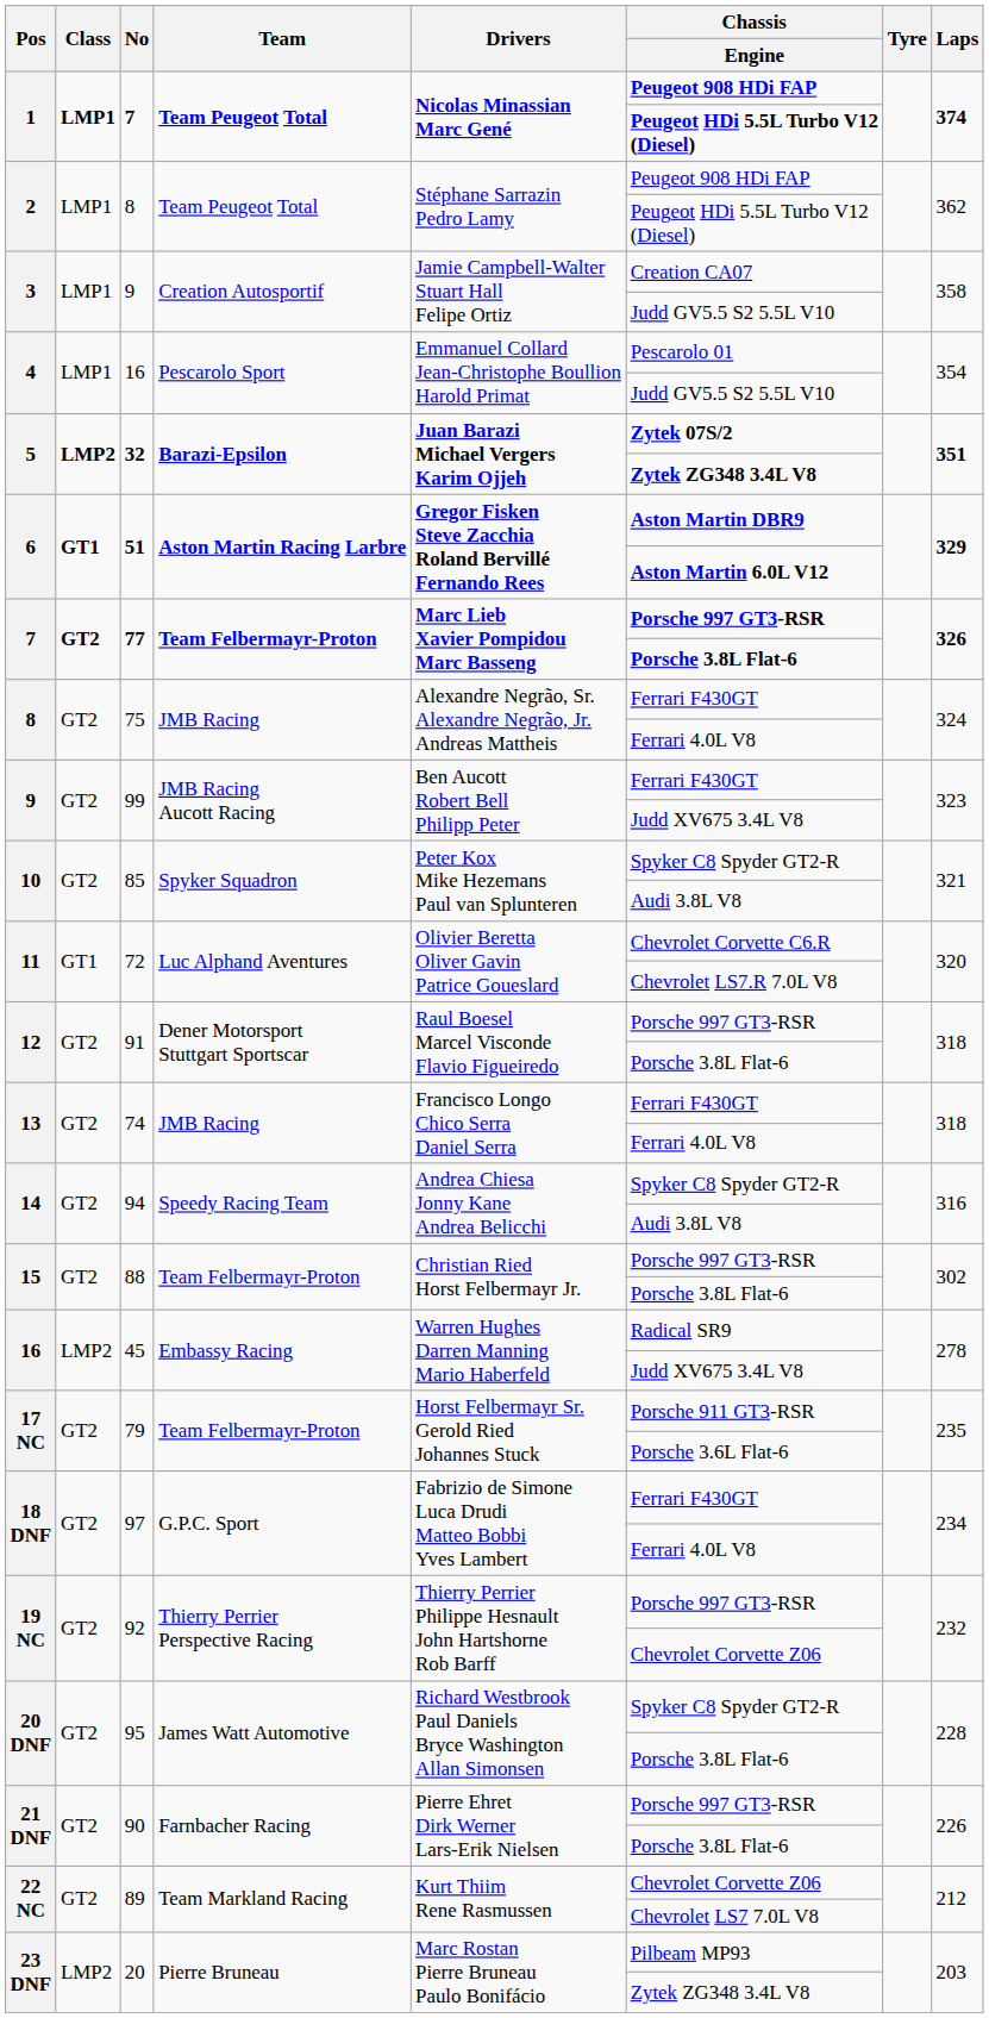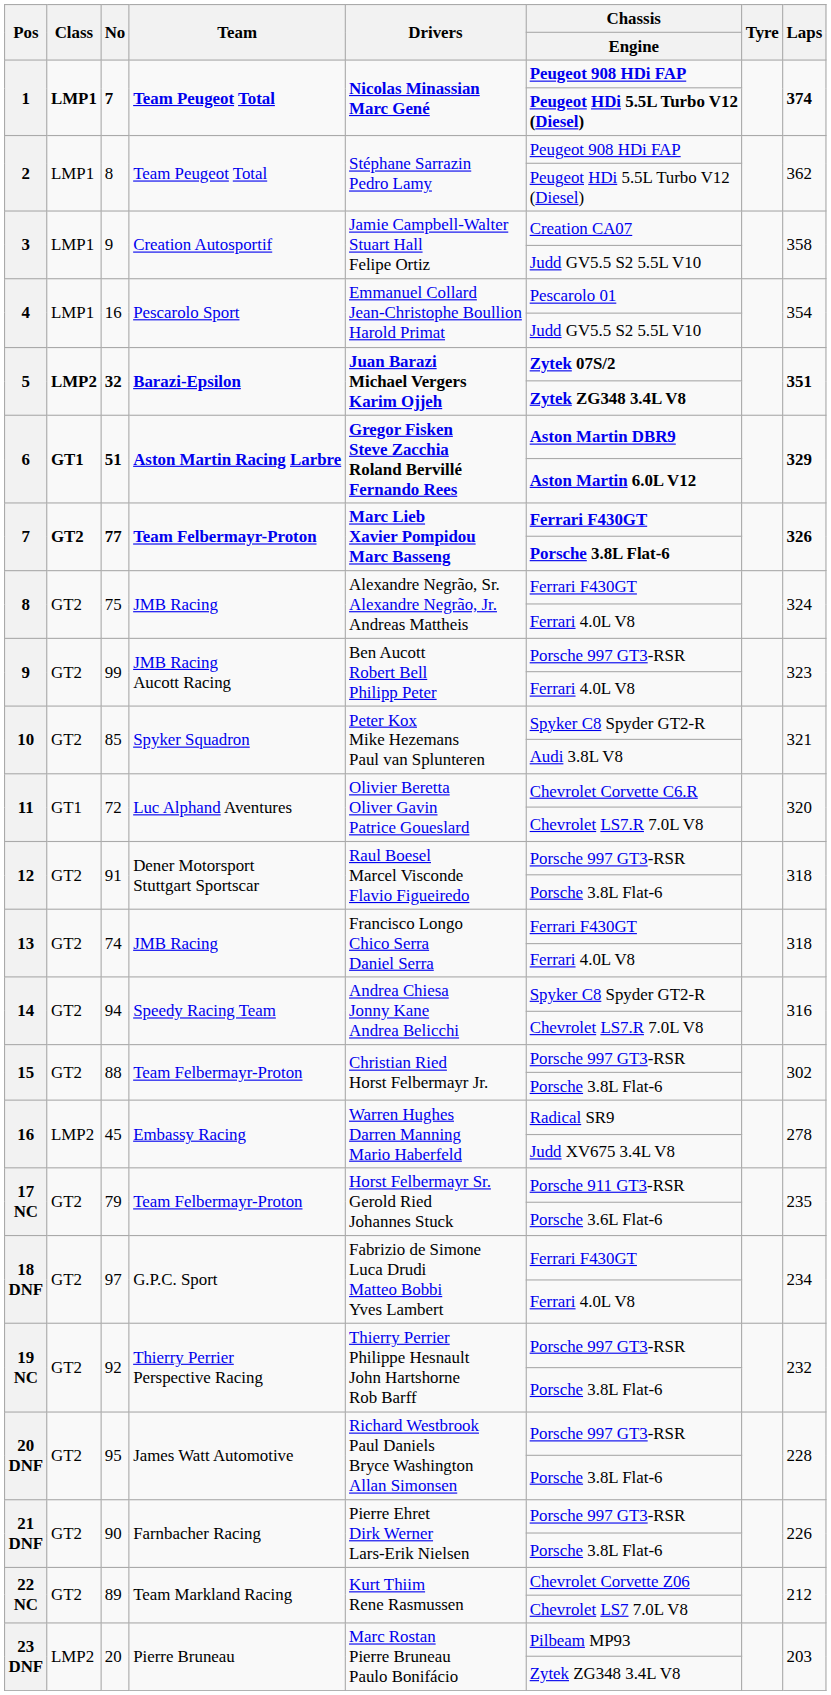 <table class="wikitable" style="font-size: 95%;">
 <tr>
 <th rowspan=2>Pos</th>
 <th rowspan=2>Class</th>
 <th rowspan=2>No</th>
 <th rowspan=2>Team</th>
 <th rowspan=2>Drivers</th>
 <th>Chassis</th>
 <th rowspan=2>Tyre</th>
 <th rowspan=2>Laps</th>
 </tr>
 <tr>
 <th>Engine</th>
 </tr>
 <tr style="font-weight:bold">
 <th rowspan=2>1</th>
 <td rowspan=2>LMP1</td>
 <td rowspan=2>7</td>
 <td rowspan=2> <a href='#'>Team Peugeot</a> <a href='#'>Total</a></td>
 <td rowspan=2> <a href='#'>Nicolas Minassian</a><br> <a href='#'>Marc Gené</a></td>
 <td><a href='#'>Peugeot 908 HDi FAP</a></td>
 <td rowspan=2></td>
 <td rowspan=2>374</td>
 </tr>
 <tr style="font-weight:bold">
 <td><a href='#'>Peugeot</a> <a href='#'>HDi</a> 5.5L Turbo V12<br>(<a href='#'>Diesel</a>)</td>
 </tr>
 <tr>
 <th rowspan=2>2</th>
 <td rowspan=2>LMP1</td>
 <td rowspan=2>8</td>
 <td rowspan=2> <a href='#'>Team Peugeot</a> <a href='#'>Total</a></td>
 <td rowspan=2> <a href='#'>Stéphane Sarrazin</a><br> <a href='#'>Pedro Lamy</a></td>
 <td><a href='#'>Peugeot 908 HDi FAP</a></td>
 <td rowspan=2></td>
 <td rowspan=2>362</td>
 </tr>
 <tr>
 <td><a href='#'>Peugeot</a> <a href='#'>HDi</a> 5.5L Turbo V12<br>(<a href='#'>Diesel</a>)</td>
 </tr>
 <tr>
 <th rowspan=2>3</th>
 <td rowspan=2>LMP1</td>
 <td rowspan=2>9</td>
 <td rowspan=2> <a href='#'>Creation Autosportif</a></td>
 <td rowspan=2> <a href='#'>Jamie Campbell-Walter</a><br> <a href='#'>Stuart Hall</a><br> Felipe Ortiz</td>
 <td><a href='#'>Creation CA07</a></td>
 <td rowspan=2></td>
 <td rowspan=2>358</td>
 </tr>
 <tr>
 <td><a href='#'>Judd</a> GV5.5 S2 5.5L V10</td>
 </tr>
 <tr>
 <th rowspan=2>4</th>
 <td rowspan=2>LMP1</td>
 <td rowspan=2>16</td>
 <td rowspan=2> <a href='#'>Pescarolo Sport</a></td>
 <td rowspan=2> <a href='#'>Emmanuel Collard</a><br> <a href='#'>Jean-Christophe Boullion</a><br> <a href='#'>Harold Primat</a></td>
 <td><a href='#'>Pescarolo 01</a></td>
 <td rowspan=2></td>
 <td rowspan=2>354</td>
 </tr>
 <tr>
 <td><a href='#'>Judd</a> GV5.5 S2 5.5L V10</td>
 </tr>
 <tr style="font-weight:bold">
 <th rowspan=2>5</th>
 <td rowspan=2>LMP2</td>
 <td rowspan=2>32</td>
 <td rowspan=2> <a href='#'>Barazi-Epsilon</a></td>
 <td rowspan=2> <a href='#'>Juan Barazi</a><br> Michael Vergers<br> <a href='#'>Karim Ojjeh</a></td>
 <td><a href='#'>Zytek</a> 07S/2</td>
 <td rowspan=2></td>
 <td rowspan=2>351</td>
 </tr>
 <tr style="font-weight:bold">
 <td><a href='#'>Zytek</a> ZG348 3.4L V8</td>
 </tr>
 <tr style="font-weight:bold">
 <th rowspan=2>6</th>
 <td rowspan=2>GT1</td>
 <td rowspan=2>51</td>
 <td rowspan=2> <a href='#'>Aston Martin Racing</a> <a href='#'>Larbre</a></td>
 <td rowspan=2> <a href='#'>Gregor Fisken</a><br> <a href='#'>Steve Zacchia</a><br> Roland Bervillé<br> <a href='#'>Fernando Rees</a></td>
 <td><a href='#'>Aston Martin DBR9</a></td>
 <td rowspan=2></td>
 <td rowspan=2>329</td>
 </tr>
 <tr style="font-weight:bold">
 <td><a href='#'>Aston Martin</a> 6.0L V12</td>
 </tr>
 <tr style="font-weight:bold">
 <th rowspan=2>7</th>
 <td rowspan=2>GT2</td>
 <td rowspan=2>77</td>
 <td rowspan=2> <a href='#'>Team Felbermayr-Proton</a></td>
 <td rowspan=2> <a href='#'>Marc Lieb</a><br> <a href='#'>Xavier Pompidou</a><br> <a href='#'>Marc Basseng</a></td>
-<td><a href='#'>Porsche 997 GT3</a>-RSR</td>
+<td><a href='#'>Ferrari F430GT</a></td>
 <td rowspan=2></td>
 <td rowspan=2>326</td>
 </tr>
 <tr style="font-weight:bold">
 <td><a href='#'>Porsche</a> 3.8L Flat-6</td>
 </tr>
 <tr>
 <th rowspan=2>8</th>
 <td rowspan=2>GT2</td>
 <td rowspan=2>75</td>
 <td rowspan=2> <a href='#'>JMB Racing</a></td>
 <td rowspan=2> Alexandre Negrão, Sr.<br> <a href='#'>Alexandre Negrão, Jr.</a><br> Andreas Mattheis</td>
 <td><a href='#'>Ferrari F430GT</a></td>
 <td rowspan=2></td>
 <td rowspan=2>324</td>
 </tr>
 <tr>
 <td><a href='#'>Ferrari</a> 4.0L V8</td>
 </tr>
 <tr>
 <th rowspan=2>9</th>
 <td rowspan=2>GT2</td>
 <td rowspan=2>99</td>
 <td rowspan=2> <a href='#'>JMB Racing</a><br> Aucott Racing</td>
 <td rowspan=2> Ben Aucott<br> <a href='#'>Robert Bell</a><br> <a href='#'>Philipp Peter</a></td>
-<td><a href='#'>Ferrari F430GT</a></td>
+<td><a href='#'>Porsche 997 GT3</a>-RSR</td>
 <td rowspan=2></td>
 <td rowspan=2>323</td>
 </tr>
 <tr>
-<td><a href='#'>Judd</a> XV675 3.4L V8</td>
+<td><a href='#'>Ferrari</a> 4.0L V8</td>
 </tr>
 <tr>
 <th rowspan=2>10</th>
 <td rowspan=2>GT2</td>
 <td rowspan=2>85</td>
 <td rowspan=2> <a href='#'>Spyker Squadron</a></td>
 <td rowspan=2> <a href='#'>Peter Kox</a><br> Mike Hezemans<br> Paul van Splunteren</td>
 <td><a href='#'>Spyker C8</a> Spyder GT2-R</td>
 <td rowspan=2></td>
 <td rowspan=2>321</td>
 </tr>
 <tr>
 <td><a href='#'>Audi</a> 3.8L V8</td>
 </tr>
 <tr>
 <th rowspan=2>11</th>
 <td rowspan=2>GT1</td>
 <td rowspan=2>72</td>
 <td rowspan=2> <a href='#'>Luc Alphand</a> Aventures</td>
 <td rowspan=2> <a href='#'>Olivier Beretta</a><br> <a href='#'>Oliver Gavin</a><br> <a href='#'>Patrice Goueslard</a></td>
 <td><a href='#'>Chevrolet Corvette C6.R</a></td>
 <td rowspan=2></td>
 <td rowspan=2>320</td>
 </tr>
 <tr>
 <td><a href='#'>Chevrolet</a> <a href='#'>LS7.R</a> 7.0L V8</td>
 </tr>
 <tr>
 <th rowspan=2>12</th>
 <td rowspan=2>GT2</td>
 <td rowspan=2>91</td>
 <td rowspan=2> Dener Motorsport<br> Stuttgart Sportscar</td>
 <td rowspan=2> <a href='#'>Raul Boesel</a><br> Marcel Visconde<br> <a href='#'>Flavio Figueiredo</a></td>
 <td><a href='#'>Porsche 997 GT3</a>-RSR</td>
 <td rowspan=2></td>
 <td rowspan=2>318</td>
 </tr>
 <tr>
 <td><a href='#'>Porsche</a> 3.8L Flat-6</td>
 </tr>
 <tr>
 <th rowspan=2>13</th>
 <td rowspan=2>GT2</td>
 <td rowspan=2>74</td>
 <td rowspan=2> <a href='#'>JMB Racing</a></td>
 <td rowspan=2> Francisco Longo<br> <a href='#'>Chico Serra</a><br> <a href='#'>Daniel Serra</a></td>
 <td><a href='#'>Ferrari F430GT</a></td>
 <td rowspan=2></td>
 <td rowspan=2>318</td>
 </tr>
 <tr>
 <td><a href='#'>Ferrari</a> 4.0L V8</td>
 </tr>
 <tr>
 <th rowspan=2>14</th>
 <td rowspan=2>GT2</td>
 <td rowspan=2>94</td>
 <td rowspan=2> <a href='#'>Speedy Racing Team</a></td>
 <td rowspan=2> <a href='#'>Andrea Chiesa</a><br> <a href='#'>Jonny Kane</a><br> <a href='#'>Andrea Belicchi</a></td>
 <td><a href='#'>Spyker C8</a> Spyder GT2-R</td>
 <td rowspan=2></td>
 <td rowspan=2>316</td>
 </tr>
 <tr>
-<td><a href='#'>Audi</a> 3.8L V8</td>
+<td><a href='#'>Chevrolet</a> <a href='#'>LS7.R</a> 7.0L V8</td>
 </tr>
 <tr>
 <th rowspan=2>15</th>
 <td rowspan=2>GT2</td>
 <td rowspan=2>88</td>
 <td rowspan=2> <a href='#'>Team Felbermayr-Proton</a></td>
 <td rowspan=2> <a href='#'>Christian Ried</a><br> Horst Felbermayr Jr.</td>
 <td><a href='#'>Porsche 997 GT3</a>-RSR</td>
 <td rowspan=2></td>
 <td rowspan=2>302</td>
 </tr>
 <tr>
 <td><a href='#'>Porsche</a> 3.8L Flat-6</td>
 </tr>
 <tr>
 <th rowspan=2>16</th>
 <td rowspan=2>LMP2</td>
 <td rowspan=2>45</td>
 <td rowspan=2> <a href='#'>Embassy Racing</a></td>
 <td rowspan=2> <a href='#'>Warren Hughes</a><br> <a href='#'>Darren Manning</a><br> <a href='#'>Mario Haberfeld</a></td>
 <td><a href='#'>Radical</a> SR9</td>
 <td rowspan=2></td>
 <td rowspan=2>278</td>
 </tr>
 <tr>
 <td><a href='#'>Judd</a> XV675 3.4L V8</td>
 </tr>
 <tr>
 <th rowspan=2>17<br>NC</th>
 <td rowspan=2>GT2</td>
 <td rowspan=2>79</td>
 <td rowspan=2> <a href='#'>Team Felbermayr-Proton</a></td>
 <td rowspan=2> <a href='#'>Horst Felbermayr Sr.</a><br> Gerold Ried<br> Johannes Stuck</td>
 <td><a href='#'>Porsche 911 GT3</a>-RSR</td>
 <td rowspan=2></td>
 <td rowspan=2>235</td>
 </tr>
 <tr>
 <td><a href='#'>Porsche</a> 3.6L Flat-6</td>
 </tr>
 <tr>
 <th rowspan=2>18<br>DNF</th>
 <td rowspan=2>GT2</td>
 <td rowspan=2>97</td>
 <td rowspan=2> G.P.C. Sport</td>
 <td rowspan=2> Fabrizio de Simone<br> Luca Drudi<br> <a href='#'>Matteo Bobbi</a><br> Yves Lambert</td>
 <td><a href='#'>Ferrari F430GT</a></td>
 <td rowspan=2></td>
 <td rowspan=2>234</td>
 </tr>
 <tr>
 <td><a href='#'>Ferrari</a> 4.0L V8</td>
 </tr>
 <tr>
 <th rowspan=2>19<br>NC</th>
 <td rowspan=2>GT2</td>
 <td rowspan=2>92</td>
 <td rowspan=2> <a href='#'>Thierry Perrier</a><br> Perspective Racing</td>
 <td rowspan=2> <a href='#'>Thierry Perrier</a><br> Philippe Hesnault<br> John Hartshorne<br> Rob Barff</td>
 <td><a href='#'>Porsche 997 GT3</a>-RSR</td>
 <td rowspan=2></td>
 <td rowspan=2>232</td>
 </tr>
 <tr>
-<td><a href='#'>Chevrolet Corvette Z06</a></td>
+<td><a href='#'>Porsche</a> 3.8L Flat-6</td>
 </tr>
 <tr>
 <th rowspan=2>20<br>DNF</th>
 <td rowspan=2>GT2</td>
 <td rowspan=2>95</td>
 <td rowspan=2> James Watt Automotive</td>
 <td rowspan=2> <a href='#'>Richard Westbrook</a><br> Paul Daniels<br> Bryce Washington<br> <a href='#'>Allan Simonsen</a></td>
-<td><a href='#'>Spyker C8</a> Spyder GT2-R</td>
+<td><a href='#'>Porsche 997 GT3</a>-RSR</td>
 <td rowspan=2></td>
 <td rowspan=2>228</td>
 </tr>
 <tr>
 <td><a href='#'>Porsche</a> 3.8L Flat-6</td>
 </tr>
 <tr>
 <th rowspan=2>21<br>DNF</th>
 <td rowspan=2>GT2</td>
 <td rowspan=2>90</td>
 <td rowspan=2> Farnbacher Racing</td>
 <td rowspan=2> Pierre Ehret<br> <a href='#'>Dirk Werner</a><br> Lars-Erik Nielsen</td>
 <td><a href='#'>Porsche 997 GT3</a>-RSR</td>
 <td rowspan=2></td>
 <td rowspan=2>226</td>
 </tr>
 <tr>
 <td><a href='#'>Porsche</a> 3.8L Flat-6</td>
 </tr>
 <tr>
 <th rowspan=2>22<br>NC</th>
 <td rowspan=2>GT2</td>
 <td rowspan=2>89</td>
 <td rowspan=2> Team Markland Racing</td>
 <td rowspan=2> <a href='#'>Kurt Thiim</a><br> Rene Rasmussen</td>
 <td><a href='#'>Chevrolet Corvette Z06</a></td>
 <td rowspan=2></td>
 <td rowspan=2>212</td>
 </tr>
 <tr>
 <td><a href='#'>Chevrolet</a> <a href='#'>LS7</a> 7.0L V8</td>
 </tr>
 <tr>
 <th rowspan=2>23<br>DNF</th>
 <td rowspan=2>LMP2</td>
 <td rowspan=2>20</td>
 <td rowspan=2> Pierre Bruneau</td>
 <td rowspan=2> <a href='#'>Marc Rostan</a><br> Pierre Bruneau<br> Paulo Bonifácio</td>
 <td><a href='#'>Pilbeam</a> MP93</td>
 <td rowspan=2></td>
 <td rowspan=2>203</td>
 </tr>
 <tr>
 <td><a href='#'>Zytek</a> ZG348 3.4L V8</td>
 </tr>
 </table>
